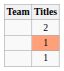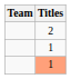 <table class="wikitable sortable" style="text-align:center">
 <tr>
 <th>Team</th>
 <th>Titles</th>
 </tr>
 <tr>
 <td style=><strong></strong></td>
 <td>2</td>
 </tr>
 <tr>
 <td style=><strong></strong></td>
-<td style="background: lightsalmon;">1</td>
+<td>1</td>
 </tr>
 <tr>
 <td style=><strong></strong></td>
-<td>1</td>
+<td style="background: lightsalmon;">1</td>
 </tr>
 </table>
